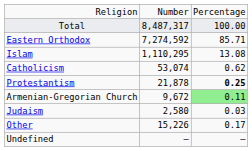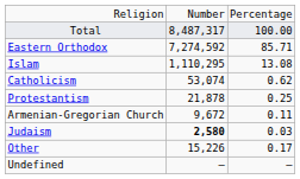 <table class="wikitable sortable" style="text-align:right;">
 <tr>
 <td>Religion</td>
 <td>Number</td>
 <td>Percentage</td>
 </tr>
 <tr bgcolor="#eaecf0" valign="top">
 <td align="center">Total</td>
 <td>8,487,317</td>
 <td>100.00</td>
 </tr>
 <tr>
 <td align="left"><a href='#'>Eastern Orthodox</a></td>
 <td>7,274,592</td>
 <td>85.71</td>
 </tr>
 <tr>
 <td align="left"><a href='#'>Islam</a></td>
 <td>1,110,295</td>
 <td>13.08</td>
 </tr>
 <tr>
 <td align="left"><a href='#'>Catholicism</a></td>
 <td>53,074</td>
 <td>0.62</td>
 </tr>
 <tr>
 <td align="left"><a href='#'>Protestantism</a></td>
 <td>21,878</td>
-<td><strong>0.25</strong></td>
+<td>0.25</td>
 </tr>
 <tr>
 <td align="left">Armenian-Gregorian Church</td>
 <td>9,672</td>
-<td style="background: lightgreen;">0.11</td>
+<td>0.11</td>
 </tr>
 <tr>
 <td align="left"><a href='#'>Judaism</a></td>
-<td>2,580</td>
+<td><strong>2,580</strong></td>
 <td>0.03</td>
 </tr>
 <tr>
 <td align="left"><a href='#'>Other</a></td>
 <td>15,226</td>
 <td>0.17</td>
 </tr>
 <tr>
 <td align="left">Undefined</td>
 <td>–</td>
 <td>–</td>
 </tr>
 </table>
